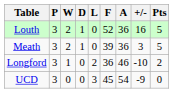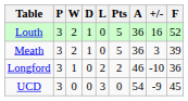 <table class="wikitable">
 <tr>
 <th>Table</th>
 <th>P</th>
 <th>W</th>
 <th>D</th>
 <th>L</th>
-<th>F</th>
+<th>Pts</th>
 <th>A</th>
 <th>+/-</th>
-<th>Pts</th>
+<th>F</th>
 </tr>
 <tr style="text-align:Center; background:#cfc;">
 <td><a href='#'>Louth</a></td>
 <td>3</td>
 <td>2</td>
 <td>1</td>
 <td>0</td>
-<td>52</td>
+<td>5</td>
 <td>36</td>
 <td>16</td>
-<td>5</td>
+<td>52</td>
 </tr>
 <tr style="text-align:Center;">
 <td><a href='#'>Meath</a></td>
 <td>3</td>
 <td>2</td>
 <td>1</td>
 <td>0</td>
-<td>39</td>
+<td>5</td>
 <td>36</td>
 <td>3</td>
-<td>5</td>
+<td>39</td>
 </tr>
 <tr style="text-align:Center;">
 <td><a href='#'>Longford</a></td>
 <td>3</td>
 <td>1</td>
 <td>0</td>
 <td>2</td>
-<td>36</td>
+<td>2</td>
 <td>46</td>
 <td>-10</td>
-<td>2</td>
+<td>36</td>
 </tr>
 <tr style="text-align:Center;">
 <td><a href='#'>UCD</a></td>
 <td>3</td>
 <td>0</td>
 <td>0</td>
 <td>3</td>
-<td>45</td>
+<td>0</td>
 <td>54</td>
 <td>-9</td>
-<td>0</td>
+<td>45</td>
 </tr>
 </table>
